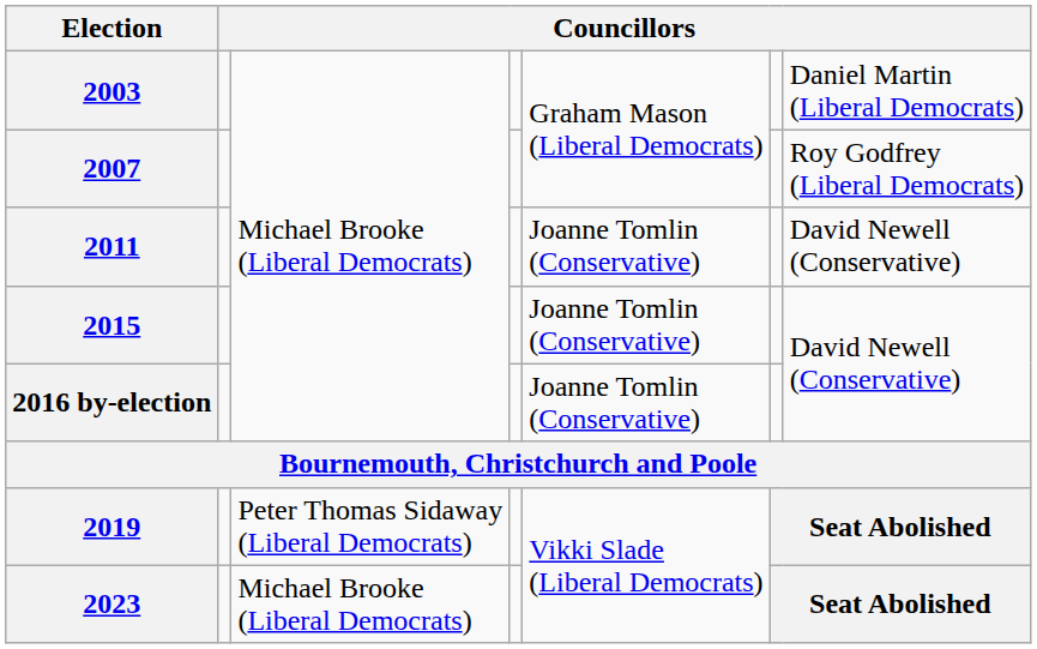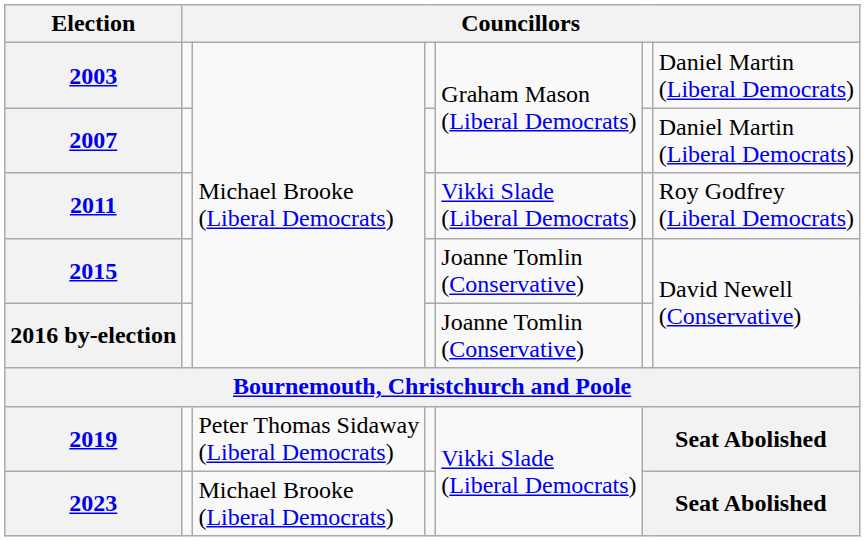 <table class="wikitable">
 <tr>
 <th>Election</th>
 <th colspan="6">Councillors</th>
 </tr>
 <tr>
 <th><a href='#'>2003</a></th>
 <td rowspan="1;" style="background-color: "></td>
 <td rowspan="5">Michael Brooke<br>(<a href='#'>Liberal Democrats</a>)</td>
 <td rowspan="1;" style="background-color: "></td>
 <td rowspan="2">Graham Mason<br>(<a href='#'>Liberal Democrats</a>)</td>
 <td rowspan="1;" style="background-color: "></td>
 <td>Daniel Martin<br>(<a href='#'>Liberal Democrats</a>)</td>
 </tr>
 <tr>
 <th><a href='#'>2007</a></th>
 <td rowspan="1;" style="background-color: "></td>
 <td rowspan="1;" style="background-color: "></td>
 <td rowspan="1;" style="background-color: "></td>
-<td>Roy Godfrey<br>(<a href='#'>Liberal Democrats</a>)</td>
+<td>Daniel Martin<br>(<a href='#'>Liberal Democrats</a>)</td>
 </tr>
 <tr>
 <th><a href='#'>2011</a></th>
 <td rowspan="1;" style="background-color: "></td>
 <td rowspan="1;" style="background-color: "></td>
-<td>Joanne Tomlin<br>(<a href='#'>Conservative</a>)</td>
+<td><a href='#'>Vikki Slade</a><br>(<a href='#'>Liberal Democrats</a>)</td>
 <td rowspan="1;" style="background-color: "></td>
-<td>David Newell<br>(Conservative)</td>
+<td>Roy Godfrey<br>(<a href='#'>Liberal Democrats</a>)</td>
 </tr>
 <tr>
 <th><a href='#'>2015</a></th>
 <td rowspan="1;" style="background-color: "></td>
 <td rowspan="1;" style="background-color: "></td>
 <td>Joanne Tomlin<br>(<a href='#'>Conservative</a>)</td>
 <td rowspan="1;" style="background-color: "></td>
 <td rowspan="2">David Newell<br>(<a href='#'>Conservative</a>)</td>
 </tr>
 <tr>
 <th>2016 by-election</th>
 <td rowspan="1;" style="background-color: "></td>
 <td rowspan="1;" style="background-color: "></td>
 <td>Joanne Tomlin<br>(<a href='#'>Conservative</a>)</td>
 <td rowspan="1;" style="background-color: "></td>
 </tr>
 <tr>
 <th colspan="7"><a href='#'>Bournemouth, Christchurch and Poole</a></th>
 </tr>
 <tr>
 <th><a href='#'>2019</a></th>
 <td rowspan="1;" style="background-color: "></td>
 <td>Peter Thomas Sidaway<br>(<a href='#'>Liberal Democrats</a>)</td>
 <td rowspan="1;" style="background-color: "></td>
 <td rowspan="2"><a href='#'>Vikki Slade</a><br>(<a href='#'>Liberal Democrats</a>)</td>
 <th colspan="2">Seat Abolished</th>
 </tr>
 <tr>
 <th><a href='#'>2023</a></th>
 <td rowspan="1;" style="background-color: "></td>
 <td>Michael Brooke<br>(<a href='#'>Liberal Democrats</a>)</td>
 <td rowspan="1;" style="background-color: "></td>
 <th colspan="2">Seat Abolished</th>
 </tr>
 </table>
